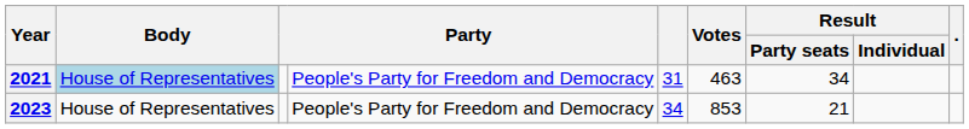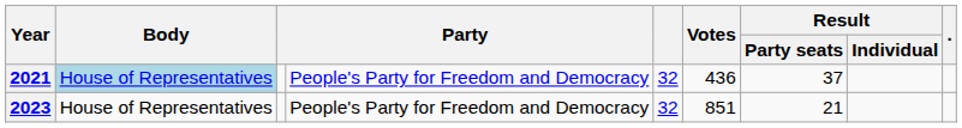 <table class="wikitable plainrowheaders sortable" border=2 cellpadding=4 cellspacing=0 style="border: 1px #aaa solid; font-size: 90%; text-align:center;">
 <tr>
 <th scope="col" rowspan=2>Year</th>
 <th scope="col" rowspan=2>Body</th>
 <th scope="col" colspan=2 rowspan=2>Party</th>
 <th scope="col" rowspan=2></th>
 <th scope="col" rowspan=2>Votes</th>
 <th scope="colgroup" colspan=2>Result</th>
 <th scope="col" rowspan=2 class="unsortable">.</th>
 </tr>
 <tr>
 <th scope="col">Party seats</th>
 <th scope="col">Individual</th>
 </tr>
 <tr>
 <th scope="row"><a href='#'>2021</a></th>
 <td style="background: lightblue;"><a href='#'>House of Representatives</a></td>
 <td style="background-color:"></td>
 <td><a href='#'>People's Party for Freedom and Democracy</a></td>
-<td style=text-align:right><a href='#'>31</a></td>
-<td style=text-align:right>463</td>
-<td style=text-align:right>34</td>
+<td style=text-align:right><a href='#'>32</a></td>
+<td style=text-align:right>436</td>
+<td style=text-align:right>37</td>
 <td></td>
 <td></td>
 </tr>
 <tr>
 <th scope="row"><a href='#'>2023</a></th>
 <td>House of Representatives</td>
 <td style="background-color:"></td>
 <td>People's Party for Freedom and Democracy</td>
-<td style=text-align:right><a href='#'>34</a></td>
-<td style=text-align:right>853</td>
+<td style=text-align:right><a href='#'>32</a></td>
+<td style=text-align:right>851</td>
 <td style=text-align:right>21</td>
 <td></td>
 <td></td>
 </tr>
 </table>
